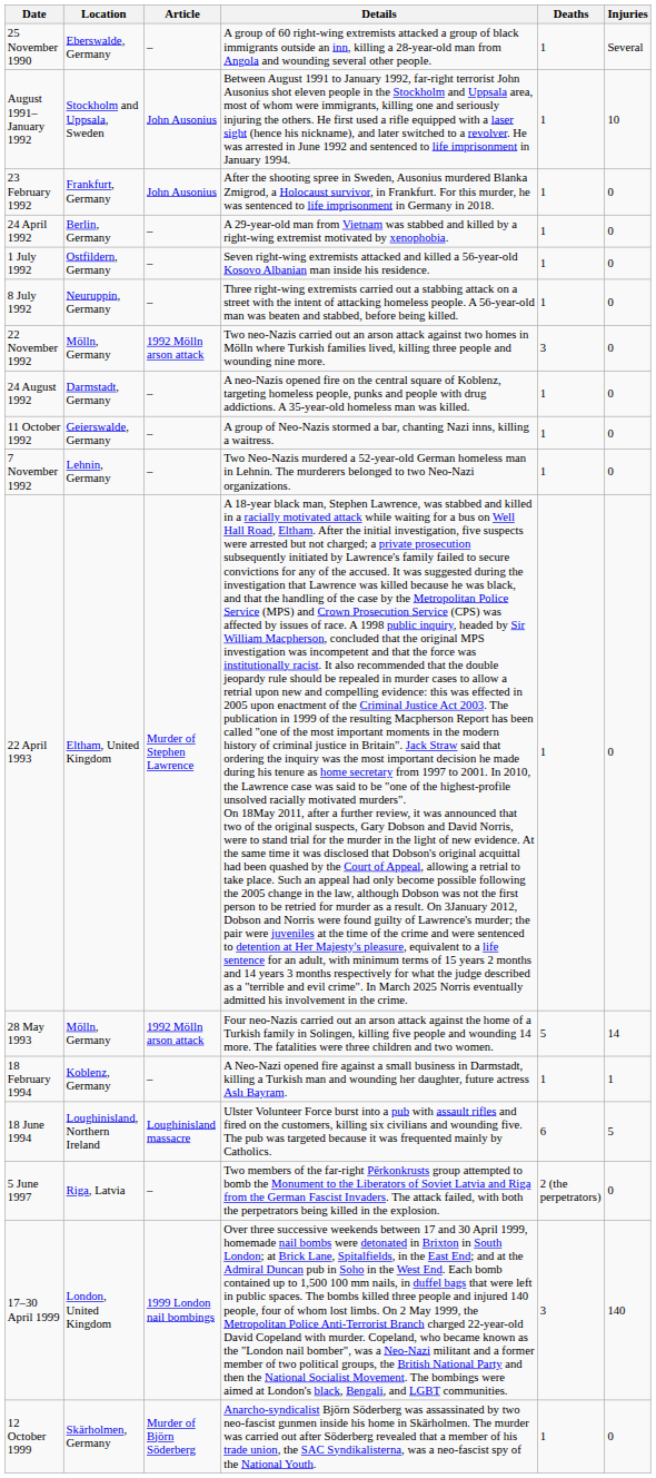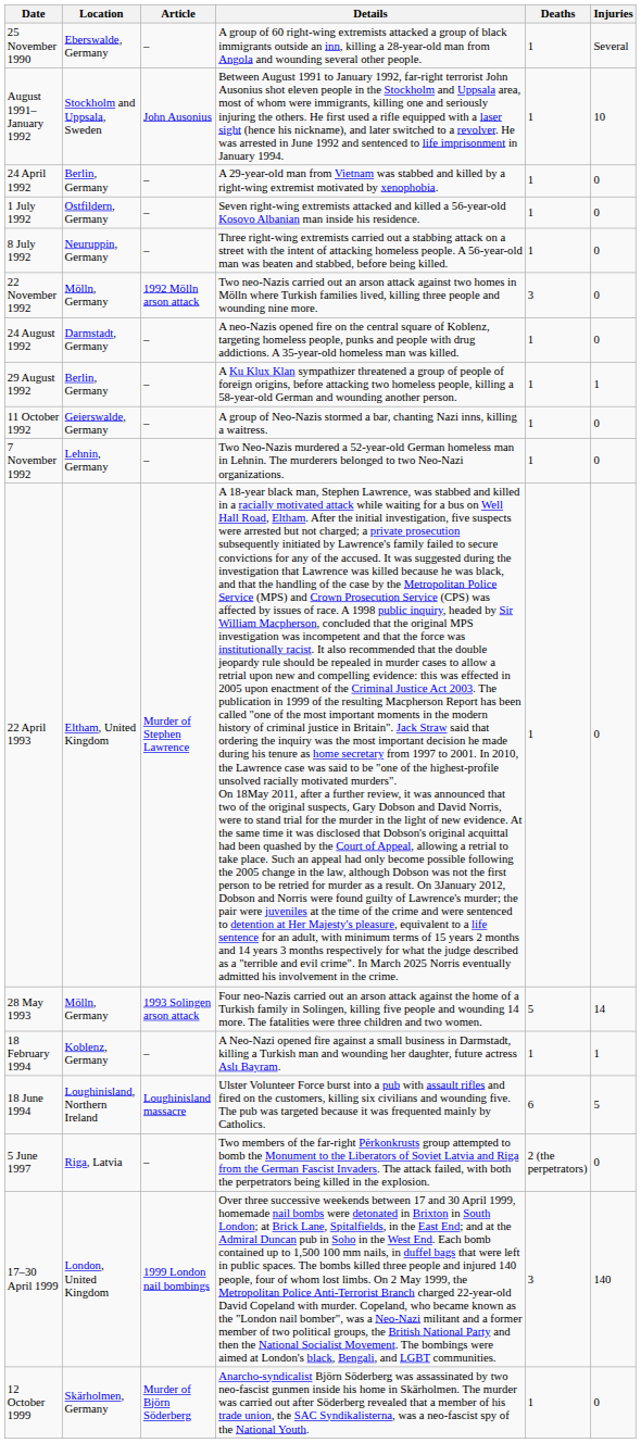 <table class="wikitable ">
 <tr>
 <th>Date</th>
 <th>Location</th>
 <th>Article</th>
 <th>Details</th>
 <th>Deaths</th>
 <th>Injuries</th>
 </tr>
 <tr>
 <td>25 November 1990</td>
 <td> <a href='#'>Eberswalde</a>, Germany</td>
 <td>–</td>
 <td>A group of 60 right-wing extremists attacked a group of black immigrants outside an <a href='#'>inn</a>, killing a 28-year-old man from <a href='#'>Angola</a> and wounding several other people.</td>
 <td>1</td>
 <td>Several</td>
 </tr>
 <tr>
 <td>August 1991–January 1992</td>
 <td> <a href='#'>Stockholm</a> and <a href='#'>Uppsala</a>, Sweden</td>
 <td><a href='#'>John Ausonius</a></td>
 <td>Between August 1991 to January 1992, far-right terrorist John Ausonius shot eleven people in the <a href='#'>Stockholm</a> and <a href='#'>Uppsala</a> area, most of whom were immigrants, killing one and seriously injuring the others. He first used a rifle equipped with a <a href='#'>laser sight</a> (hence his nickname), and later switched to a <a href='#'>revolver</a>. He was arrested in June 1992 and sentenced to <a href='#'>life imprisonment</a> in January 1994.</td>
 <td>1</td>
 <td>10</td>
-</tr>
-<tr>
-<td>23 February 1992</td>
-<td> <a href='#'>Frankfurt</a>, Germany</td>
-<td><a href='#'>John Ausonius</a></td>
-<td>After the shooting spree in Sweden, Ausonius murdered Blanka Zmigrod, a <a href='#'>Holocaust survivor</a>, in Frankfurt. For this murder, he was sentenced to <a href='#'>life imprisonment</a> in Germany in 2018.</td>
-<td>1</td>
-<td>0</td>
 </tr>
 <tr>
 <td>24 April 1992</td>
 <td> <a href='#'>Berlin</a>, Germany</td>
 <td>–</td>
 <td>A 29-year-old man from <a href='#'>Vietnam</a> was stabbed and killed by a right-wing extremist motivated by <a href='#'>xenophobia</a>.</td>
 <td>1</td>
 <td>0</td>
 </tr>
 <tr>
 <td>1 July 1992</td>
 <td> <a href='#'>Ostfildern</a>, Germany</td>
 <td>–</td>
 <td>Seven right-wing extremists attacked and killed a 56-year-old <a href='#'>Kosovo Albanian</a> man inside his residence.</td>
 <td>1</td>
 <td>0</td>
 </tr>
 <tr>
 <td>8 July 1992</td>
 <td> <a href='#'>Neuruppin</a>, Germany</td>
 <td>–</td>
 <td>Three right-wing extremists carried out a stabbing attack on a street with the intent of attacking homeless people. A 56-year-old man was beaten and stabbed, before being killed.</td>
 <td>1</td>
 <td>0</td>
 </tr>
 <tr>
 <td>22 November 1992</td>
 <td> <a href='#'>Mölln</a>, Germany</td>
 <td><a href='#'>1992 Mölln arson attack</a></td>
 <td>Two neo-Nazis carried out an arson attack against two homes in Mölln where Turkish families lived, killing three people and wounding nine more.</td>
 <td>3</td>
 <td>0</td>
 </tr>
 <tr>
 <td>24 August 1992</td>
 <td> <a href='#'>Darmstadt</a>, Germany</td>
 <td>–</td>
 <td>A neo-Nazis opened fire on the central square of Koblenz, targeting homeless people, punks and people with drug addictions. A 35-year-old homeless man was killed.</td>
 <td>1</td>
 <td>0</td>
 </tr>
 <tr>
+<td>29 August 1992</td>
+<td> <a href='#'>Berlin</a>, Germany</td>
+<td>–</td>
+<td>A <a href='#'>Ku Klux Klan</a> sympathizer threatened a group of people of foreign origins, before attacking two homeless people, killing a 58-year-old German and wounding another person.</td>
+<td>1</td>
+<td>1</td>
+</tr>
+<tr>
 <td>11 October 1992</td>
 <td> <a href='#'>Geierswalde</a>, Germany</td>
 <td>–</td>
 <td>A group of Neo-Nazis stormed a bar, chanting Nazi inns, killing a waitress.</td>
 <td>1</td>
 <td>0</td>
 </tr>
 <tr>
 <td>7 November 1992</td>
 <td> <a href='#'>Lehnin</a>, Germany</td>
 <td>–</td>
 <td>Two Neo-Nazis murdered a 52-year-old German homeless man in Lehnin. The murderers belonged to two Neo-Nazi organizations.</td>
 <td>1</td>
 <td>0</td>
 </tr>
 <tr>
 <td>22 April 1993</td>
 <td> <a href='#'>Eltham</a>, United Kingdom</td>
 <td><a href='#'>Murder of Stephen Lawrence</a></td>
 <td>A 18-year black man, Stephen Lawrence, was stabbed and killed in a <a href='#'>racially motivated attack</a> while waiting for a bus on <a href='#'>Well Hall Road</a>, <a href='#'>Eltham</a>. After the initial investigation, five suspects were arrested but not charged; a <a href='#'>private prosecution</a> subsequently initiated by Lawrence's family failed to secure convictions for any of the accused. It was suggested during the investigation that Lawrence was killed because he was black, and that the handling of the case by the <a href='#'>Metropolitan Police Service</a> (MPS) and <a href='#'>Crown Prosecution Service</a> (CPS) was affected by issues of race. A 1998 <a href='#'>public inquiry</a>, headed by <a href='#'>Sir William Macpherson</a>, concluded that the original MPS investigation was incompetent and that the force was <a href='#'>institutionally racist</a>. It also recommended that the double jeopardy rule should be repealed in murder cases to allow a retrial upon new and compelling evidence: this was effected in 2005 upon enactment of the <a href='#'>Criminal Justice Act 2003</a>. The publication in 1999 of the resulting Macpherson Report has been called "one of the most important moments in the modern history of criminal justice in Britain". <a href='#'>Jack Straw</a> said that ordering the inquiry was the most important decision he made during his tenure as <a href='#'>home secretary</a> from 1997 to 2001. In 2010, the Lawrence case was said to be "one of the highest-profile unsolved racially motivated murders".<br>On 18May 2011, after a further review, it was announced that two of the original suspects, Gary Dobson and David Norris, were to stand trial for the murder in the light of new evidence. At the same time it was disclosed that Dobson's original acquittal had been quashed by the <a href='#'>Court of Appeal</a>, allowing a retrial to take place. Such an appeal had only become possible following the 2005 change in the law, although Dobson was not the first person to be retried for murder as a result. On 3January 2012, Dobson and Norris were found guilty of Lawrence's murder; the pair were <a href='#'>juveniles</a> at the time of the crime and were sentenced to <a href='#'>detention at Her Majesty's pleasure</a>, equivalent to a <a href='#'>life sentence</a> for an adult, with minimum terms of 15 years 2 months and 14 years 3 months respectively for what the judge described as a "terrible and evil crime". In March 2025 Norris eventually admitted his involvement in the crime.</td>
 <td>1</td>
 <td>0</td>
 </tr>
 <tr>
 <td>28 May 1993</td>
 <td> <a href='#'>Mölln</a>, Germany</td>
-<td><a href='#'>1992 Mölln arson attack</a></td>
+<td><a href='#'>1993 Solingen arson attack</a></td>
 <td>Four neo-Nazis carried out an arson attack against the home of a Turkish family in Solingen, killing five people and wounding 14 more. The fatalities were three children and two women.</td>
 <td>5</td>
 <td>14</td>
 </tr>
 <tr>
 <td>18 February 1994</td>
 <td> <a href='#'>Koblenz</a>, Germany</td>
 <td>–</td>
 <td>A Neo-Nazi opened fire against a small business in Darmstadt, killing a Turkish man and wounding her daughter, future actress <a href='#'>Aslı Bayram</a>.</td>
 <td>1</td>
 <td>1</td>
 </tr>
 <tr>
 <td>18 June 1994</td>
 <td> <a href='#'>Loughinisland</a>, Northern Ireland</td>
 <td><a href='#'>Loughinisland massacre</a></td>
 <td>Ulster Volunteer Force burst into a <a href='#'>pub</a> with <a href='#'>assault rifles</a> and fired on the customers, killing six civilians and wounding five. The pub was targeted because it was frequented mainly by Catholics.</td>
 <td>6</td>
 <td>5</td>
 </tr>
 <tr>
 <td>5 June 1997</td>
 <td> <a href='#'>Riga</a>, Latvia</td>
 <td>–</td>
 <td>Two members of the far-right <a href='#'>Pērkonkrusts</a> group attempted to bomb the <a href='#'>Monument to the Liberators of Soviet Latvia and Riga from the German Fascist Invaders</a>. The attack failed, with both the perpetrators being killed in the explosion.</td>
 <td>2 (the perpetrators)</td>
 <td>0</td>
 </tr>
 <tr>
 <td>17–30 April 1999</td>
 <td> <a href='#'>London</a>, United Kingdom</td>
 <td><a href='#'>1999 London nail bombings</a></td>
 <td>Over three successive weekends between 17 and 30 April 1999, homemade <a href='#'>nail bombs</a> were <a href='#'>detonated</a> in <a href='#'>Brixton</a> in <a href='#'>South London</a>; at <a href='#'>Brick Lane</a>, <a href='#'>Spitalfields</a>, in the <a href='#'>East End</a>; and at the <a href='#'>Admiral Duncan</a> pub in <a href='#'>Soho</a> in the <a href='#'>West End</a>. Each bomb contained up to 1,500 100 mm nails, in <a href='#'>duffel bags</a> that were left in public spaces. The bombs killed three people and injured 140 people, four of whom lost limbs. On 2 May 1999, the <a href='#'>Metropolitan Police Anti-Terrorist Branch</a> charged 22-year-old David Copeland with murder. Copeland, who became known as the "London nail bomber", was a <a href='#'>Neo-Nazi</a> militant and a former member of two political groups, the <a href='#'>British National Party</a> and then the <a href='#'>National Socialist Movement</a>. The bombings were aimed at London's <a href='#'>black</a>, <a href='#'>Bengali</a>, and <a href='#'>LGBT</a> communities.</td>
 <td>3</td>
 <td>140</td>
 </tr>
 <tr>
 <td>12 October 1999</td>
 <td> <a href='#'>Skärholmen</a>, Germany</td>
 <td><a href='#'>Murder of Björn Söderberg</a></td>
 <td><a href='#'>Anarcho-syndicalist</a> Björn Söderberg was assassinated by two neo-fascist gunmen inside his home in Skärholmen. The murder was carried out after Söderberg revealed that a member of his <a href='#'>trade union</a>, the <a href='#'>SAC Syndikalisterna</a>, was a neo-fascist spy of the <a href='#'>National Youth</a>.</td>
 <td>1</td>
 <td>0</td>
 </tr>
 </table>
